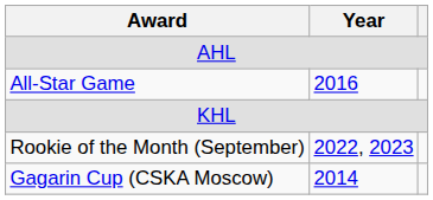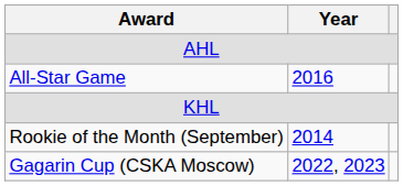 <table class="wikitable">
 <tr>
 <th>Award</th>
 <th>Year</th>
 <th></th>
 </tr>
 <tr ALIGN="center" bgcolor="#e0e0e0">
 <td colspan="3"><a href='#'>AHL</a></td>
 </tr>
 <tr>
 <td><a href='#'>All-Star Game</a></td>
 <td><a href='#'>2016</a></td>
 <td></td>
 </tr>
 <tr ALIGN="center" bgcolor="#e0e0e0">
 <td colspan="3"><a href='#'>KHL</a></td>
 </tr>
 <tr>
 <td>Rookie of the Month (September)</td>
-<td><a href='#'>2022</a>, <a href='#'>2023</a></td>
+<td><a href='#'>2014</a></td>
 <td></td>
 </tr>
 <tr>
 <td><a href='#'>Gagarin Cup</a> (CSKA Moscow)</td>
-<td><a href='#'>2014</a></td>
+<td><a href='#'>2022</a>, <a href='#'>2023</a></td>
 <td></td>
 </tr>
 </table>
